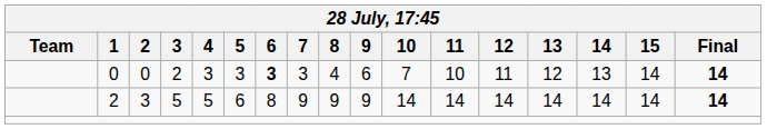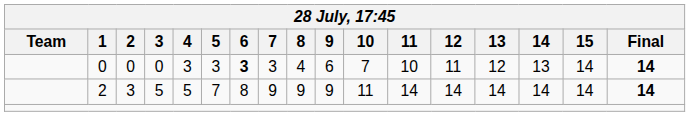 <table class=wikitable style="text-align:center; width: 55%">
 <tr>
 <th colspan=17><em>28 July, 17:45</em></th>
 </tr>
 <tr>
 <th>Team</th>
 <th>1</th>
 <th>2</th>
 <th>3</th>
 <th>4</th>
 <th>5</th>
 <th>6</th>
 <th>7</th>
 <th>8</th>
 <th>9</th>
 <th>10</th>
 <th>11</th>
 <th>12</th>
 <th>13</th>
 <th>14</th>
 <th>15</th>
 <th>Final</th>
 </tr>
 <tr>
 <td align=left></td>
 <td>0</td>
 <td>0</td>
-<td>2</td>
+<td>0</td>
 <td>3</td>
 <td>3</td>
 <td><strong>3</strong></td>
 <td>3</td>
 <td>4</td>
 <td>6</td>
 <td>7</td>
 <td>10</td>
 <td>11</td>
 <td>12</td>
 <td>13</td>
 <td>14</td>
 <td><strong>14</strong></td>
 </tr>
 <tr>
 <td align=left></td>
 <td>2</td>
 <td>3</td>
 <td>5</td>
 <td>5</td>
-<td>6</td>
+<td>7</td>
 <td>8</td>
 <td>9</td>
 <td>9</td>
 <td>9</td>
-<td>14</td>
+<td>11</td>
 <td>14</td>
 <td>14</td>
 <td>14</td>
 <td>14</td>
 <td>14</td>
 <td><strong>14</strong></td>
 </tr>
 <tr>
 <td colspan=17></td>
 </tr>
 </table>
